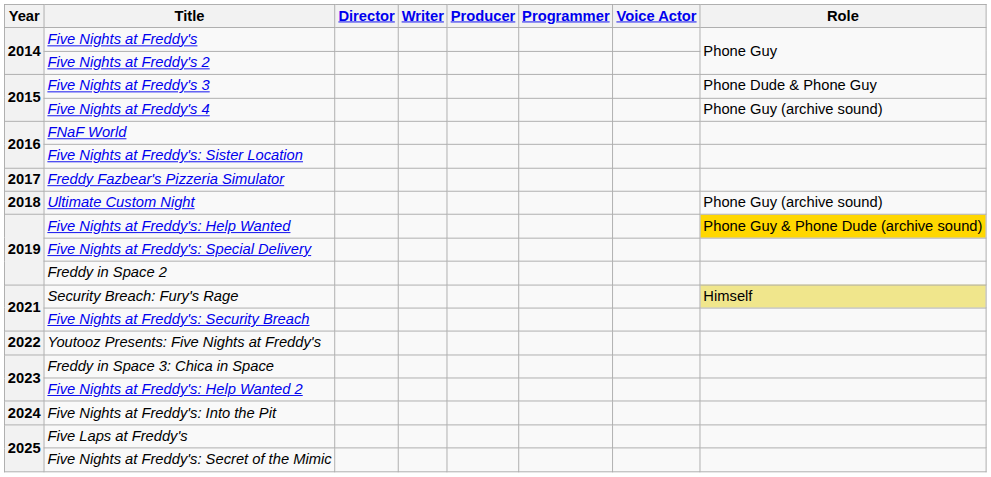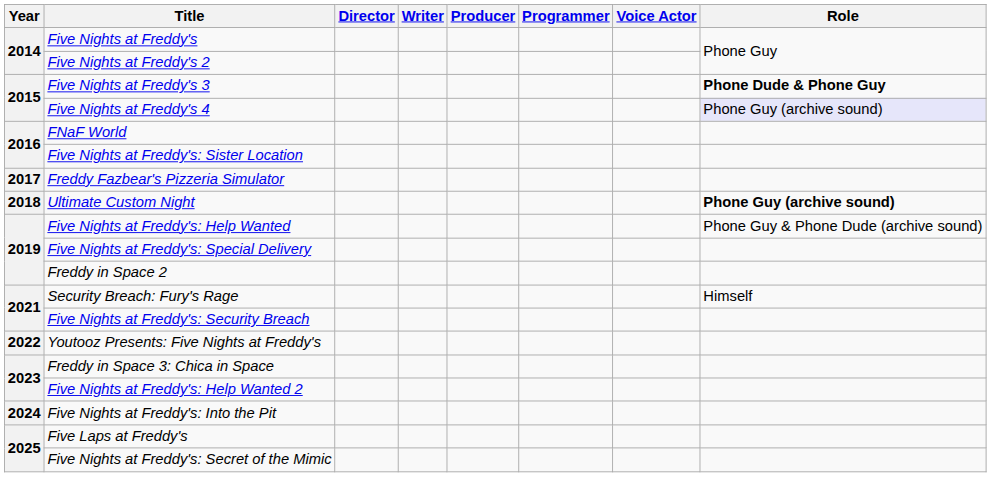 <table class="wikitable sortable">
 <tr>
 <th scope="col">Year</th>
 <th scope="col">Title</th>
 <th><a href='#'>Director</a></th>
 <th><a href='#'>Writer</a></th>
 <th><a href='#'>Producer</a></th>
 <th><a href='#'>Programmer</a></th>
 <th><a href='#'>Voice Actor</a></th>
 <th>Role</th>
 </tr>
 <tr>
 <th rowspan="2" scope="row">2014</th>
 <td><em><a href='#'>Five Nights at Freddy's</a></em></td>
 <td></td>
 <td></td>
 <td></td>
 <td></td>
 <td></td>
 <td rowspan=2>Phone Guy</td>
 </tr>
 <tr>
 <td><em><a href='#'>Five Nights at Freddy's 2</a></em></td>
 <td></td>
 <td></td>
 <td></td>
 <td></td>
 <td></td>
 </tr>
 <tr>
 <th rowspan="2" scope="row">2015</th>
 <td><em><a href='#'>Five Nights at Freddy's 3</a></em></td>
 <td></td>
 <td></td>
 <td></td>
 <td></td>
 <td></td>
-<td>Phone Dude & Phone Guy</td>
+<td><strong>Phone Dude & Phone Guy</strong></td>
 </tr>
 <tr>
 <td><em><a href='#'>Five Nights at Freddy's 4</a></em></td>
 <td></td>
 <td></td>
 <td></td>
 <td></td>
 <td></td>
-<td>Phone Guy (archive sound)</td>
+<td style="background: lavender;">Phone Guy (archive sound)</td>
 </tr>
 <tr>
 <th rowspan="2" scope="row">2016</th>
 <td><em><a href='#'>FNaF World</a></em></td>
 <td></td>
 <td></td>
 <td></td>
 <td></td>
 <td></td>
 <td></td>
 </tr>
 <tr>
 <td><em><a href='#'>Five Nights at Freddy's: Sister Location</a></em></td>
 <td></td>
 <td></td>
 <td></td>
 <td></td>
 <td></td>
 <td></td>
 </tr>
 <tr>
 <th scope="row">2017</th>
 <td><em><a href='#'>Freddy Fazbear's Pizzeria Simulator</a></em></td>
 <td></td>
 <td></td>
 <td></td>
 <td></td>
 <td></td>
 <td></td>
 </tr>
 <tr>
 <th scope="row">2018</th>
 <td><em><a href='#'>Ultimate Custom Night</a></em></td>
 <td></td>
 <td></td>
 <td></td>
 <td></td>
 <td></td>
-<td>Phone Guy (archive sound)</td>
+<td><strong>Phone Guy (archive sound)</strong></td>
 </tr>
 <tr>
 <th rowspan="3" scope="row">2019</th>
 <td><em><a href='#'>Five Nights at Freddy's: Help Wanted</a></em></td>
 <td></td>
 <td></td>
 <td></td>
 <td></td>
 <td></td>
-<td style="background: gold;">Phone Guy & Phone Dude (archive sound)</td>
+<td>Phone Guy & Phone Dude (archive sound)</td>
 </tr>
 <tr>
 <td><em><a href='#'>Five Nights at Freddy's: Special Delivery</a></em></td>
 <td></td>
 <td></td>
 <td></td>
 <td></td>
 <td></td>
 <td></td>
 </tr>
 <tr>
 <td><em>Freddy in Space 2</em></td>
 <td></td>
 <td></td>
 <td></td>
 <td></td>
 <td></td>
 <td></td>
 </tr>
 <tr>
 <th rowspan="2" scope="row">2021</th>
 <td><em>Security Breach: Fury's Rage</em></td>
 <td></td>
 <td></td>
 <td></td>
 <td></td>
 <td></td>
-<td style="background: khaki;">Himself</td>
+<td>Himself</td>
 </tr>
 <tr>
 <td><em><a href='#'>Five Nights at Freddy's: Security Breach</a></em></td>
 <td></td>
 <td></td>
 <td></td>
 <td></td>
 <td></td>
 <td></td>
 </tr>
 <tr>
 <th scope="row">2022</th>
 <td><em>Youtooz Presents: Five Nights at Freddy's</em></td>
 <td></td>
 <td></td>
 <td></td>
 <td></td>
 <td></td>
 <td></td>
 </tr>
 <tr>
 <th rowspan="2" scope="row">2023</th>
 <td><em>Freddy in Space 3: Chica in Space</em></td>
 <td></td>
 <td></td>
 <td></td>
 <td></td>
 <td></td>
 <td></td>
 </tr>
 <tr>
 <td><em><a href='#'>Five Nights at Freddy's: Help Wanted 2</a></em></td>
 <td></td>
 <td></td>
 <td></td>
 <td></td>
 <td></td>
 <td></td>
 </tr>
 <tr>
 <th rowspan="1" scope="row">2024</th>
 <td><em>Five Nights at Freddy's: Into the Pit</em></td>
 <td></td>
 <td></td>
 <td></td>
 <td></td>
 <td></td>
 <td></td>
 </tr>
 <tr>
 <th rowspan="2" scope="row">2025</th>
 <td><em>Five Laps at Freddy's</em></td>
 <td></td>
 <td></td>
 <td></td>
 <td></td>
 <td></td>
 <td></td>
 </tr>
 <tr>
 <td><em>Five Nights at Freddy's: Secret of the Mimic</em></td>
 <td></td>
 <td></td>
 <td></td>
 <td></td>
 <td></td>
 <td></td>
 </tr>
 </table>
